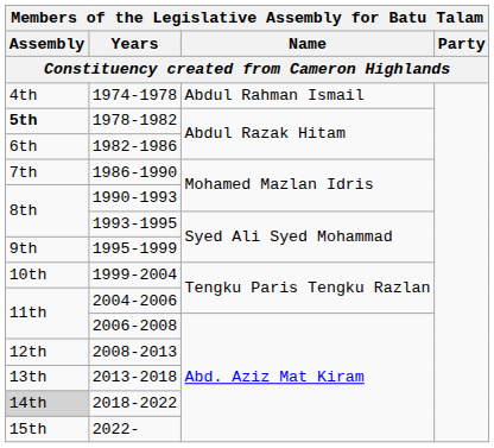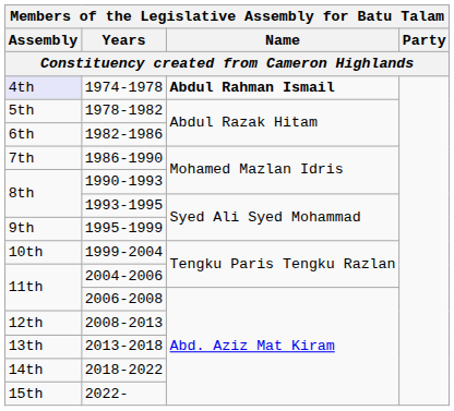 <table class="wikitable">
 <tr>
 <th colspan="4">Members of the Legislative Assembly for Batu Talam</th>
 </tr>
 <tr>
 <th>Assembly</th>
 <th>Years</th>
 <th>Name</th>
 <th>Party</th>
 </tr>
 <tr>
 <th colspan="4"><em>Constituency created from Cameron Highlands</em></th>
 </tr>
 <tr>
-<td>4th</td>
+<td style="background: lavender;">4th</td>
 <td>1974-1978</td>
-<td>Abdul Rahman Ismail</td>
+<td><strong>Abdul Rahman Ismail</strong></td>
 <td rowspan="14"></td>
 </tr>
 <tr>
-<td><strong>5th</strong></td>
+<td>5th</td>
 <td>1978-1982</td>
 <td rowspan="2">Abdul Razak Hitam</td>
 </tr>
 <tr>
 <td>6th</td>
 <td>1982-1986</td>
 </tr>
 <tr>
 <td>7th</td>
 <td>1986-1990</td>
 <td rowspan="2">Mohamed Mazlan Idris</td>
 </tr>
 <tr>
 <td rowspan="2">8th</td>
 <td>1990-1993</td>
 </tr>
 <tr>
 <td>1993-1995</td>
 <td rowspan="2">Syed Ali Syed Mohammad</td>
 </tr>
 <tr>
 <td>9th</td>
 <td>1995-1999</td>
 </tr>
 <tr>
 <td>10th</td>
 <td>1999-2004</td>
 <td rowspan="2">Tengku Paris Tengku Razlan</td>
 </tr>
 <tr>
 <td rowspan="2">11th</td>
 <td>2004-2006</td>
 </tr>
 <tr>
 <td>2006-2008</td>
 <td rowspan="5"><a href='#'>Abd. Aziz Mat Kiram</a></td>
 </tr>
 <tr>
 <td>12th</td>
 <td>2008-2013</td>
 </tr>
 <tr>
 <td>13th</td>
 <td>2013-2018</td>
 </tr>
 <tr>
-<td style="background: lightgrey;">14th</td>
+<td>14th</td>
 <td>2018-2022</td>
 </tr>
 <tr>
 <td>15th</td>
 <td>2022-</td>
 </tr>
 </table>
